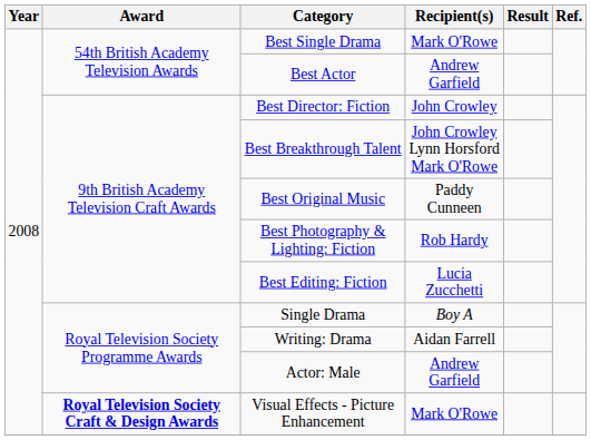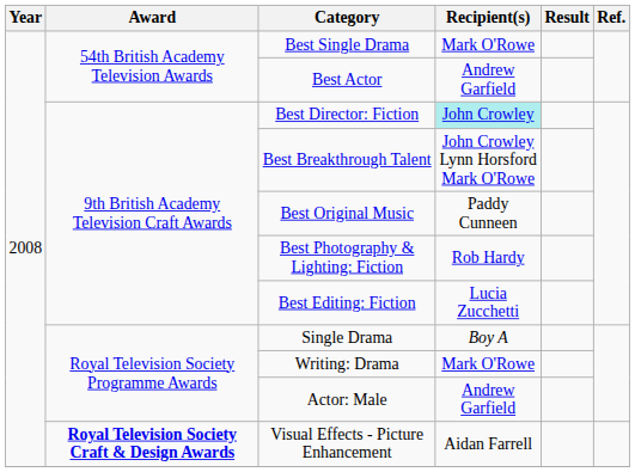 <table class="wikitable sortable plainrowheaders" style="text-align:center;">
 <tr>
 <th>Year</th>
 <th>Award</th>
 <th>Category</th>
 <th>Recipient(s)</th>
 <th>Result</th>
 <th>Ref.</th>
 </tr>
 <tr>
 <td rowspan="11">2008</td>
 <td rowspan="2"><a href='#'>54th British Academy Television Awards</a></td>
 <td><a href='#'>Best Single Drama</a></td>
 <td><a href='#'>Mark O'Rowe</a></td>
 <td></td>
 <td rowspan="2"></td>
 </tr>
 <tr>
 <td><a href='#'>Best Actor</a></td>
 <td><a href='#'>Andrew Garfield</a></td>
 <td></td>
 </tr>
 <tr>
 <td rowspan="5"><a href='#'>9th British Academy Television Craft Awards</a></td>
 <td><a href='#'>Best Director: Fiction</a></td>
-<td><a href='#'>John Crowley</a></td>
+<td style="background: paleturquoise;"><a href='#'>John Crowley</a></td>
 <td></td>
 <td rowspan="5"></td>
 </tr>
 <tr>
 <td><a href='#'>Best Breakthrough Talent</a></td>
 <td><a href='#'>John Crowley</a> <br> Lynn Horsford <br> <a href='#'>Mark O'Rowe</a></td>
 <td></td>
 </tr>
 <tr>
 <td><a href='#'>Best Original Music</a></td>
 <td>Paddy Cunneen</td>
 <td></td>
 </tr>
 <tr>
 <td><a href='#'>Best Photography & Lighting: Fiction</a></td>
 <td><a href='#'>Rob Hardy</a></td>
 <td></td>
 </tr>
 <tr>
 <td><a href='#'>Best Editing: Fiction</a></td>
 <td><a href='#'>Lucia Zucchetti</a></td>
 <td></td>
 </tr>
 <tr>
 <td rowspan="3"><a href='#'>Royal Television Society Programme Awards</a></td>
 <td>Single Drama</td>
 <td><em>Boy A</em></td>
 <td></td>
 <td rowspan="3"></td>
 </tr>
 <tr>
 <td>Writing: Drama</td>
-<td>Aidan Farrell</td>
+<td><a href='#'>Mark O'Rowe</a></td>
 <td></td>
 </tr>
 <tr>
 <td>Actor: Male</td>
 <td><a href='#'>Andrew Garfield</a></td>
 <td></td>
 </tr>
 <tr>
 <td><strong><a href='#'>Royal Television Society Craft & Design Awards</a></strong></td>
 <td>Visual Effects - Picture Enhancement</td>
-<td><a href='#'>Mark O'Rowe</a></td>
+<td>Aidan Farrell</td>
 <td></td>
 <td></td>
 </tr>
 <tr>
 </tr>
 </table>
